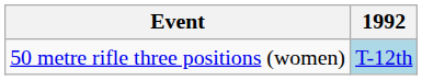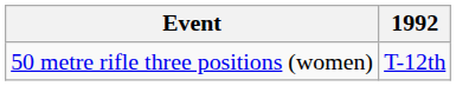 <table class="wikitable" style="text-align: center">
 <tr>
 <th>Event</th>
 <th>1992</th>
 </tr>
 <tr>
 <td align=left><a href='#'>50 metre rifle three positions</a> (women)</td>
-<td style="background: lightblue;"><a href='#'>T-12th</a></td>
+<td><a href='#'>T-12th</a></td>
 </tr>
 </table>
